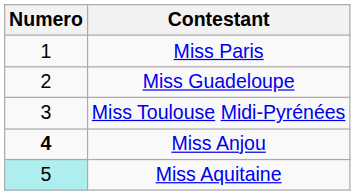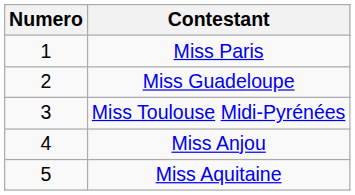 <table class="wikitable">
 <tr>
 <th>Numero</th>
 <th>Contestant</th>
 </tr>
 <tr>
 <td style="text-align:center;">1</td>
 <td style="text-align:center;"> <a href='#'>Miss Paris</a></td>
 </tr>
 <tr>
 <td style="text-align:center;">2</td>
 <td style="text-align:center;"> <a href='#'>Miss Guadeloupe</a></td>
 </tr>
 <tr>
 <td style="text-align:center;">3</td>
 <td style="text-align:center;"> <a href='#'>Miss Toulouse</a> <a href='#'>Midi-Pyrénées</a></td>
 </tr>
 <tr>
-<td style="text-align:center;"><strong>4</strong></td>
+<td style="text-align:center;">4</td>
 <td style="text-align:center;"> <a href='#'>Miss Anjou</a></td>
 </tr>
 <tr>
-<td style="background: paleturquoise; text-align:center;">5</td>
+<td style="text-align:center;">5</td>
 <td style="text-align:center;"> <a href='#'>Miss Aquitaine</a></td>
 </tr>
 </table>
